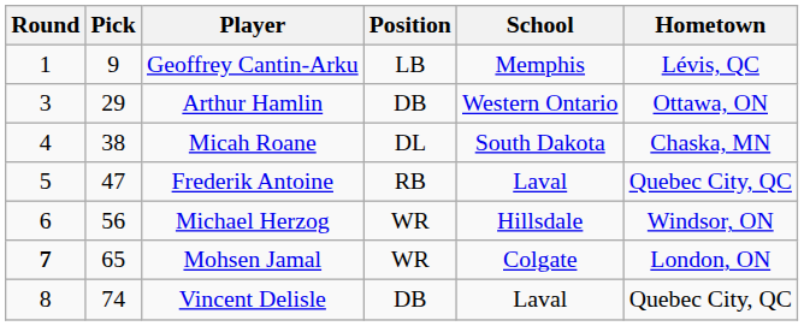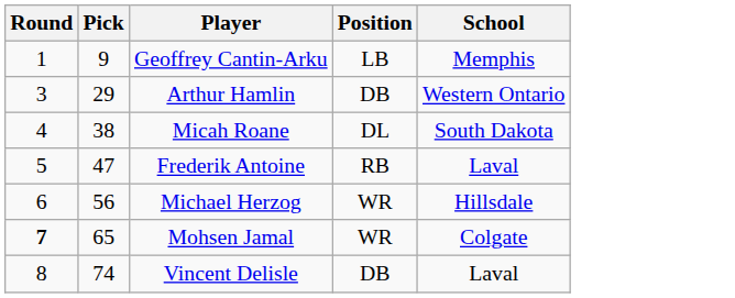 <table class="wikitable" style="font-size: 95%;">
 <tr>
 <th scope="col">Round</th>
 <th scope="col">Pick</th>
 <th scope="col">Player</th>
 <th scope="col">Position</th>
 <th scope="col">School</th>
-<th scope="col">Hometown</th>
 </tr>
 <tr align="center">
 <td align=center>1</td>
 <td>9</td>
 <td><a href='#'>Geoffrey Cantin-Arku</a></td>
 <td>LB</td>
 <td><a href='#'>Memphis</a></td>
-<td><a href='#'>Lévis, QC</a></td>
 </tr>
 <tr align="center">
 <td align=center>3</td>
 <td>29</td>
 <td><a href='#'>Arthur Hamlin</a></td>
 <td>DB</td>
 <td><a href='#'>Western Ontario</a></td>
-<td><a href='#'>Ottawa, ON</a></td>
 </tr>
 <tr align="center">
 <td align=center>4</td>
 <td>38</td>
 <td><a href='#'>Micah Roane</a></td>
 <td>DL</td>
 <td><a href='#'>South Dakota</a></td>
-<td><a href='#'>Chaska, MN</a></td>
 </tr>
 <tr align="center">
 <td align=center>5</td>
 <td>47</td>
 <td><a href='#'>Frederik Antoine</a></td>
 <td>RB</td>
 <td><a href='#'>Laval</a></td>
-<td><a href='#'>Quebec City, QC</a></td>
 </tr>
 <tr align="center">
 <td align=center>6</td>
 <td>56</td>
 <td><a href='#'>Michael Herzog</a></td>
 <td>WR</td>
 <td><a href='#'>Hillsdale</a></td>
-<td><a href='#'>Windsor, ON</a></td>
 </tr>
 <tr align="center">
 <td align=center><strong>7</strong></td>
 <td>65</td>
 <td><a href='#'>Mohsen Jamal</a></td>
 <td>WR</td>
 <td><a href='#'>Colgate</a></td>
-<td><a href='#'>London, ON</a></td>
 </tr>
 <tr align="center">
 <td align=center>8</td>
 <td>74</td>
 <td><a href='#'>Vincent Delisle</a></td>
 <td>DB</td>
 <td>Laval</td>
-<td>Quebec City, QC</td>
 </tr>
 </table>
